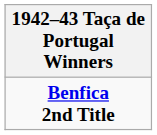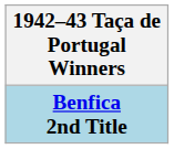 <table class="wikitable" style="text-align: center; margin: 0 auto; width: 20%">
 <tr>
 <th>1942–43 Taça de Portugal Winners</th>
 </tr>
 <tr>
-<td><strong><a href='#'>Benfica</a></strong><br><strong>2nd Title</strong></td>
+<td style="background: lightblue;"><strong><a href='#'>Benfica</a></strong><br><strong>2nd Title</strong></td>
 </tr>
 </table>
